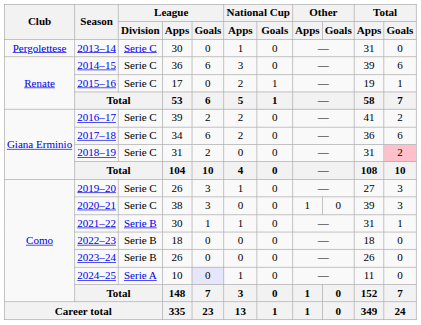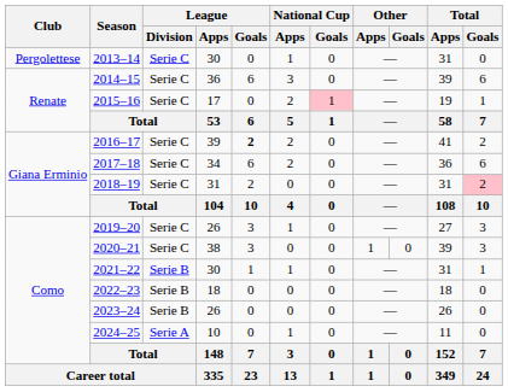 <table class="wikitable" style="text-align: center;">
 <tr>
 <th rowspan="2">Club</th>
 <th rowspan="2">Season</th>
 <th colspan="3">League</th>
 <th colspan="2">National Cup</th>
 <th colspan="2">Other</th>
 <th colspan="2">Total</th>
 </tr>
 <tr>
 <th>Division</th>
 <th>Apps</th>
 <th>Goals</th>
 <th>Apps</th>
 <th>Goals</th>
 <th>Apps</th>
 <th>Goals</th>
 <th>Apps</th>
 <th>Goals</th>
 </tr>
 <tr>
 <td><a href='#'>Pergolettese</a></td>
 <td><a href='#'>2013–14</a></td>
 <td><a href='#'>Serie C</a></td>
 <td>30</td>
 <td>0</td>
 <td>1</td>
 <td>0</td>
 <td colspan="2">—</td>
 <td>31</td>
 <td>0</td>
 </tr>
 <tr>
 <td rowspan="3"><a href='#'>Renate</a></td>
 <td><a href='#'>2014–15</a></td>
 <td>Serie C</td>
 <td>36</td>
 <td>6</td>
 <td>3</td>
 <td>0</td>
 <td colspan="2">—</td>
 <td>39</td>
 <td>6</td>
 </tr>
 <tr>
 <td><a href='#'>2015–16</a></td>
 <td>Serie C</td>
 <td>17</td>
 <td>0</td>
 <td>2</td>
-<td>1</td>
+<td style="background: pink;">1</td>
 <td colspan="2">—</td>
 <td>19</td>
 <td>1</td>
 </tr>
 <tr>
 <th colspan="2">Total</th>
 <th>53</th>
 <th>6</th>
 <th>5</th>
 <th>1</th>
 <th colspan="2">—</th>
 <th>58</th>
 <th>7</th>
 </tr>
 <tr>
 <td rowspan="4"><a href='#'>Giana Erminio</a></td>
 <td><a href='#'>2016–17</a></td>
 <td>Serie C</td>
 <td>39</td>
-<td>2</td>
+<td><strong>2</strong></td>
 <td>2</td>
 <td>0</td>
 <td colspan="2">—</td>
 <td>41</td>
 <td>2</td>
 </tr>
 <tr>
 <td><a href='#'>2017–18</a></td>
 <td>Serie C</td>
 <td>34</td>
 <td>6</td>
 <td>2</td>
 <td>0</td>
 <td colspan="2">—</td>
 <td>36</td>
 <td>6</td>
 </tr>
 <tr>
 <td><a href='#'>2018–19</a></td>
 <td>Serie C</td>
 <td>31</td>
 <td>2</td>
 <td>0</td>
 <td>0</td>
 <td colspan="2">—</td>
 <td>31</td>
 <td style="background: pink;">2</td>
 </tr>
 <tr>
 <th colspan="2">Total</th>
 <th>104</th>
 <th>10</th>
 <th>4</th>
 <th>0</th>
 <th colspan="2">—</th>
 <th>108</th>
 <th>10</th>
 </tr>
 <tr>
 <td rowspan="7"><a href='#'>Como</a></td>
 <td><a href='#'>2019–20</a></td>
 <td>Serie C</td>
 <td>26</td>
 <td>3</td>
 <td>1</td>
 <td>0</td>
 <td colspan="2">—</td>
 <td>27</td>
 <td>3</td>
 </tr>
 <tr>
 <td><a href='#'>2020–21</a></td>
 <td>Serie C</td>
 <td>38</td>
 <td>3</td>
 <td>0</td>
 <td>0</td>
 <td>1</td>
 <td>0</td>
 <td>39</td>
 <td>3</td>
 </tr>
 <tr>
 <td><a href='#'>2021–22</a></td>
 <td><a href='#'>Serie B</a></td>
 <td>30</td>
 <td>1</td>
 <td>1</td>
 <td>0</td>
 <td colspan="2">—</td>
 <td>31</td>
 <td>1</td>
 </tr>
 <tr>
 <td><a href='#'>2022–23</a></td>
 <td>Serie B</td>
 <td>18</td>
 <td>0</td>
 <td>0</td>
 <td>0</td>
 <td colspan="2">—</td>
 <td>18</td>
 <td>0</td>
 </tr>
 <tr>
 <td><a href='#'>2023–24</a></td>
 <td>Serie B</td>
 <td>26</td>
 <td>0</td>
 <td>0</td>
 <td>0</td>
 <td colspan="2">—</td>
 <td>26</td>
 <td>0</td>
 </tr>
 <tr>
 <td><a href='#'>2024–25</a></td>
 <td><a href='#'>Serie A</a></td>
 <td>10</td>
-<td style="background: lavender;">0</td>
+<td>0</td>
 <td>1</td>
 <td>0</td>
 <td colspan="2">—</td>
 <td>11</td>
 <td>0</td>
 </tr>
 <tr>
 <th colspan="2">Total</th>
 <th>148</th>
 <th>7</th>
 <th>3</th>
 <th>0</th>
 <th>1</th>
 <th>0</th>
 <th>152</th>
 <th>7</th>
 </tr>
 <tr>
 <th colspan="3">Career total</th>
 <th>335</th>
 <th>23</th>
 <th>13</th>
 <th>1</th>
 <th>1</th>
 <th>0</th>
 <th>349</th>
 <th>24</th>
 </tr>
 </table>
